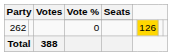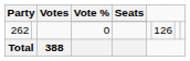 <table class=wikitable style="text-align:right;">
 <tr>
 <th colspan=2>Party</th>
 <th>Votes</th>
 <th>Vote %</th>
 <th>Seats</th>
 </tr>
 <tr>
 <td rowspan=2>262</td>
 <td rowspan=2></td>
 <td rowspan=2 style="text-align:center;"><br></td>
 </tr>
 <tr>
 <td>0</td>
 <td></td>
 <td style="text-align:center;"><br></td>
-<td style="background: gold;">126</td>
+<td>126</td>
 <td></td>
 <td style="text-align:center;"></td>
 </tr>
 <tr>
 <th colspan="2">Total</th>
 <th>388</th>
 <th></th>
 <th style="text-align:center;"></th>
 </tr>
 </table>
